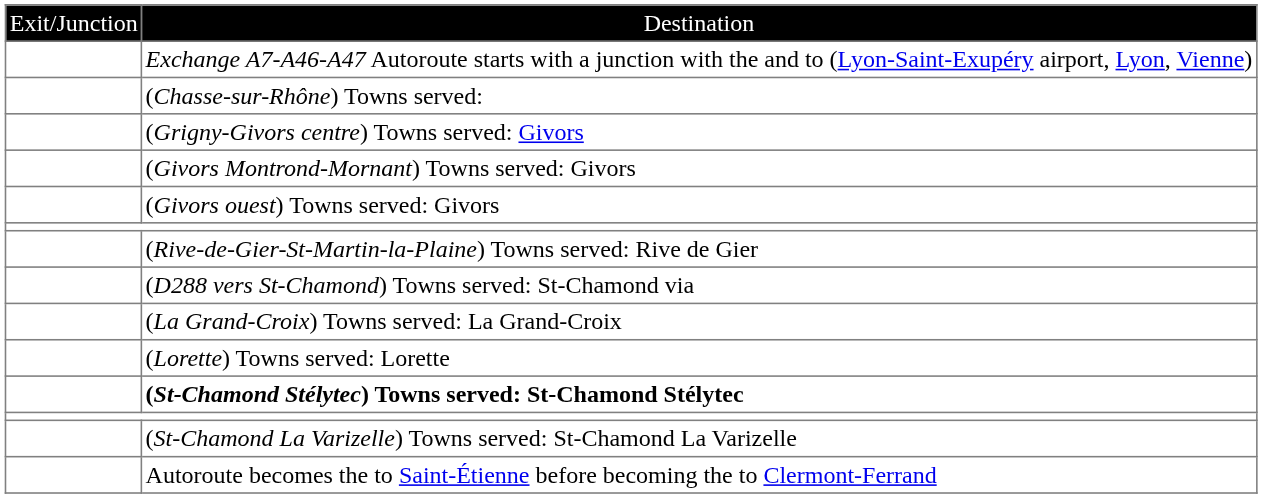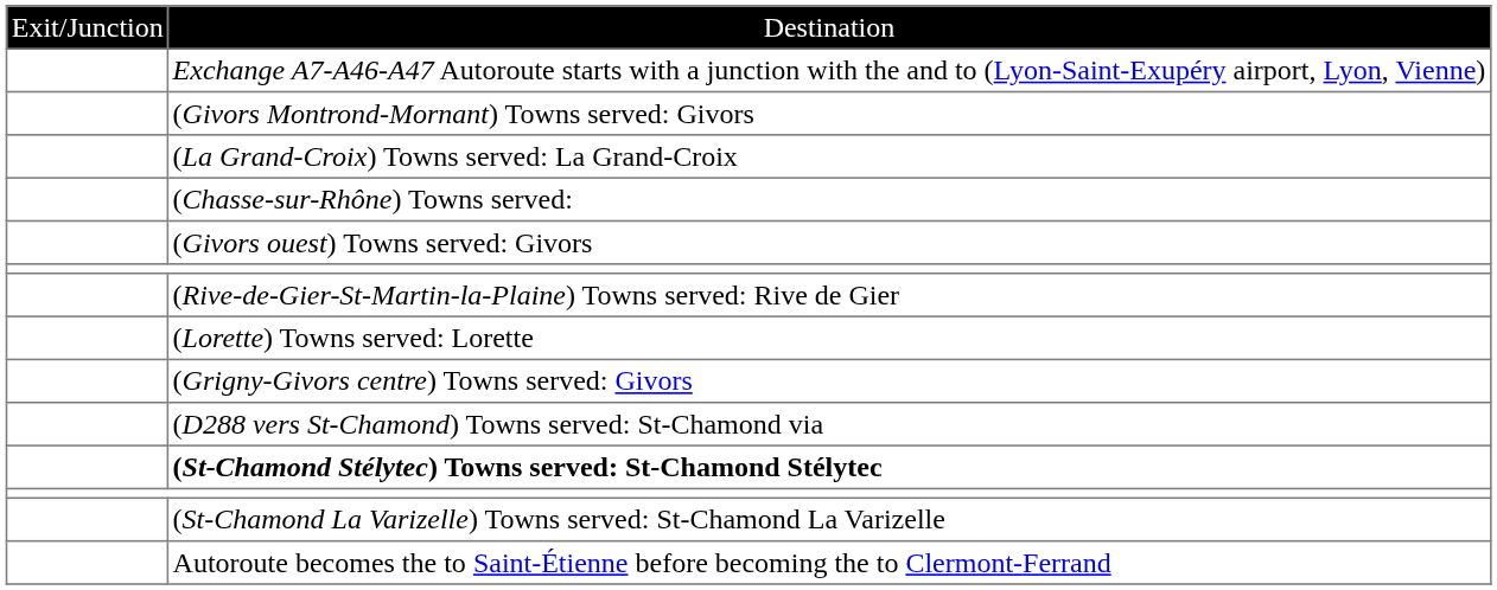 <table border=1 cellpadding=2 style="margin-left:1em; margin-bottom: 1em; color: black; border-collapse: collapse; font-size: 95%;">
 <tr align="center" bgcolor="000000" style="color: white">
 <td>Exit/Junction</td>
 <td>Destination</td>
 </tr>
 <tr>
 <td></td>
 <td><em>Exchange A7-A46-A47</em> Autoroute starts with a junction with the <em></em> and <em></em> to (<a href='#'>Lyon-Saint-Exupéry</a> airport, <a href='#'>Lyon</a>, <a href='#'>Vienne</a>)</td>
 </tr>
 <tr>
 <td></td>
-<td>(<em>Chasse-sur-Rhône</em>) Towns served:</td>
+<td>(<em>Givors Montrond-Mornant</em>) Towns served: Givors</td>
 </tr>
 <tr>
 <td></td>
-<td>(<em>Grigny-Givors centre</em>) Towns served: <a href='#'>Givors</a></td>
+<td>(<em>La Grand-Croix</em>) Towns served: La Grand-Croix</td>
 </tr>
 <tr>
 <td></td>
-<td>(<em>Givors Montrond-Mornant</em>) Towns served: Givors</td>
+<td>(<em>Chasse-sur-Rhône</em>) Towns served:</td>
 </tr>
 <tr>
 <td></td>
 <td>(<em>Givors ouest</em>) Towns served: Givors</td>
 </tr>
 <tr>
 <td colspan="2"></td>
 </tr>
 <tr>
 <td></td>
 <td>(<em>Rive-de-Gier-St-Martin-la-Plaine</em>) Towns served: Rive de Gier</td>
 </tr>
 <tr>
 <td></td>
-<td>(<em>D288 vers St-Chamond</em>) Towns served: St-Chamond via <em></em></td>
+<td>(<em>Lorette</em>) Towns served: Lorette</td>
 </tr>
 <tr>
 <td></td>
-<td>(<em>La Grand-Croix</em>) Towns served: La Grand-Croix</td>
+<td>(<em>Grigny-Givors centre</em>) Towns served: <a href='#'>Givors</a></td>
 </tr>
 <tr>
 <td></td>
-<td>(<em>Lorette</em>) Towns served: Lorette</td>
+<td>(<em>D288 vers St-Chamond</em>) Towns served: St-Chamond via <em></em></td>
 </tr>
 <tr>
 <td></td>
 <td><strong>(<em>St-Chamond Stélytec</em>) Towns served: St-Chamond Stélytec</strong></td>
 </tr>
 <tr>
 <td colspan="2"></td>
 </tr>
 <tr>
 <td></td>
 <td>(<em>St-Chamond La Varizelle</em>) Towns served: St-Chamond La Varizelle</td>
 </tr>
 <tr>
 <td></td>
 <td>Autoroute becomes the <em></em> to <a href='#'>Saint-Étienne</a> before becoming the <em></em> to <a href='#'>Clermont-Ferrand</a></td>
 </tr>
 </table>
